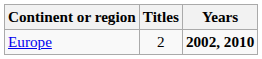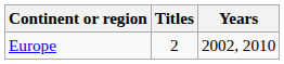 <table class="wikitable" style="font-size: 95%;">
 <tr>
 <th>Continent or region</th>
 <th>Titles</th>
 <th>Years</th>
 </tr>
 <tr>
 <td><a href='#'>Europe</a></td>
 <td rowspan="2" style="text-align:center;">2</td>
-<td><strong>2002, 2010</strong></td>
+<td>2002, 2010</td>
 </tr>
 </table>
